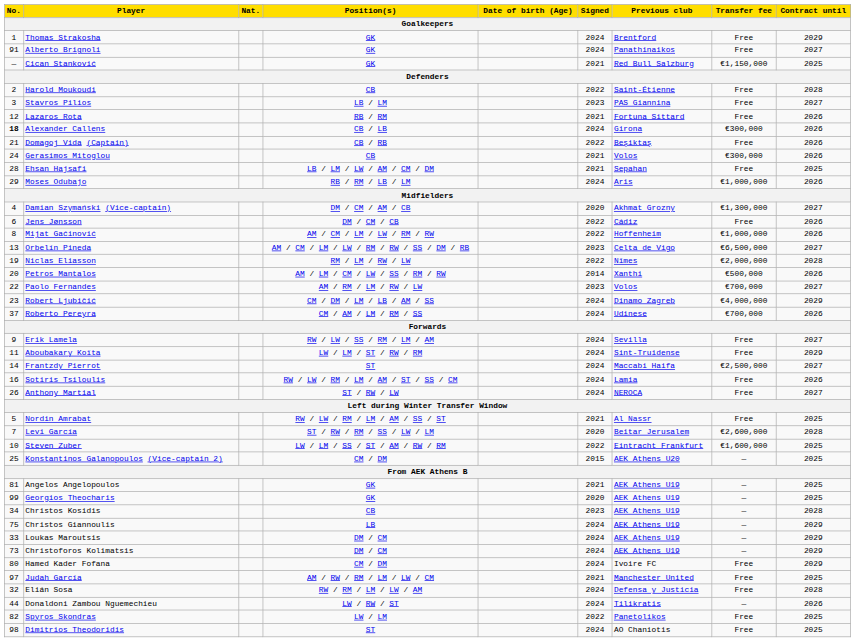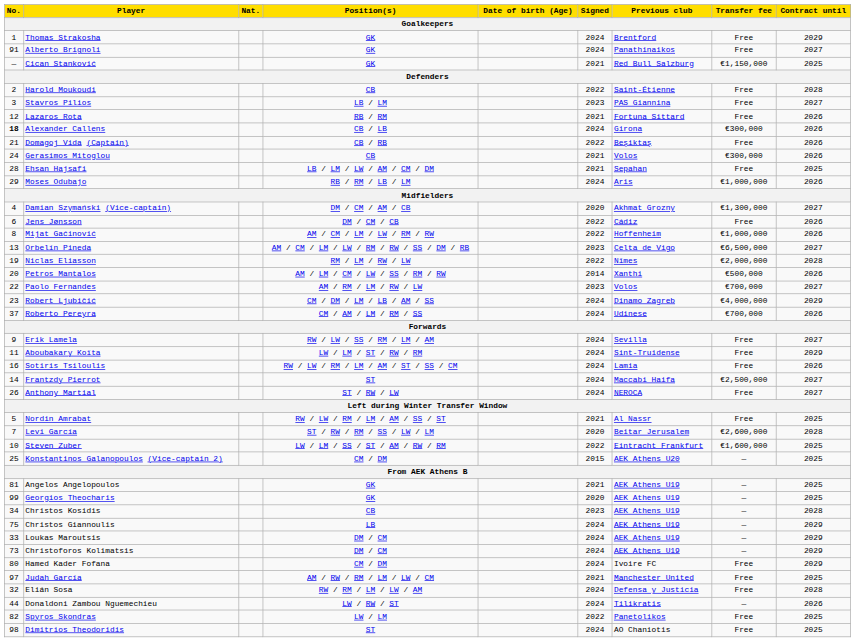 <table class="wikitable" style="text-align:center; font-size:90%; width:100%">
 <tr>
 <th style="background:#FFDE00">No.</th>
 <th style="background:#FFDE00">Player</th>
 <th style="background:#FFDE00">Nat.</th>
 <th style="background:#FFDE00">Position(s)</th>
 <th style="background:#FFDE00">Date of birth (Age)</th>
 <th style="background:#FFDE00">Signed</th>
 <th style="background:#FFDE00">Previous club</th>
 <th style="background:#FFDE00">Transfer fee</th>
 <th style="background:#FFDE00">Contract until</th>
 </tr>
 <tr>
 <th colspan="9">Goalkeepers</th>
 </tr>
 <tr>
 <td>1</td>
 <td align=left><a href='#'>Thomas Strakosha</a></td>
 <td></td>
 <td><a href='#'>GK</a></td>
 <td></td>
 <td>2024</td>
 <td align=left> <a href='#'>Brentford</a></td>
 <td>Free</td>
 <td>2029</td>
 </tr>
 <tr>
 <td>91</td>
 <td align=left><a href='#'>Alberto Brignoli</a></td>
 <td></td>
 <td><a href='#'>GK</a></td>
 <td></td>
 <td>2024</td>
 <td align=left> <a href='#'>Panathinaikos</a></td>
 <td>Free</td>
 <td>2027</td>
 </tr>
 <tr>
 <td>—</td>
 <td align=left><a href='#'>Cican Stanković</a></td>
 <td></td>
 <td><a href='#'>GK</a></td>
 <td></td>
 <td>2021</td>
 <td align=left> <a href='#'>Red Bull Salzburg</a></td>
 <td>€1,150,000</td>
 <td>2025</td>
 </tr>
 <tr>
 <th colspan="9">Defenders</th>
 </tr>
 <tr>
 <td>2</td>
 <td align=left><a href='#'>Harold Moukoudi</a></td>
 <td></td>
 <td><a href='#'>CB</a></td>
 <td></td>
 <td>2022</td>
 <td align=left> <a href='#'>Saint-Étienne</a></td>
 <td>Free</td>
 <td>2028</td>
 </tr>
 <tr>
 <td>3</td>
 <td align=left><a href='#'>Stavros Pilios</a></td>
 <td></td>
 <td><a href='#'>LB</a> / <a href='#'>LM</a></td>
 <td></td>
 <td>2023</td>
 <td align=left> <a href='#'>PAS Giannina</a></td>
 <td>Free</td>
 <td>2027</td>
 </tr>
 <tr>
 <td>12</td>
 <td align=left><a href='#'>Lazaros Rota</a></td>
 <td></td>
 <td><a href='#'>RB</a> / <a href='#'>RM</a></td>
 <td></td>
 <td>2021</td>
 <td align=left> <a href='#'>Fortuna Sittard</a></td>
 <td>Free</td>
 <td>2026</td>
 </tr>
 <tr>
 <td><strong>18</strong></td>
 <td align=left><a href='#'>Alexander Callens</a></td>
 <td></td>
 <td><a href='#'>CB</a> / <a href='#'>LB</a></td>
 <td></td>
 <td>2024</td>
 <td align=left> <a href='#'>Girona</a></td>
 <td>€300,000</td>
 <td>2026</td>
 </tr>
 <tr>
 <td>21</td>
 <td align=left><a href='#'>Domagoj Vida</a> <a href='#'>(Captain)</a></td>
 <td></td>
 <td><a href='#'>CB</a> / <a href='#'>RB</a></td>
 <td></td>
 <td>2022</td>
 <td align=left> <a href='#'>Beşiktaş</a></td>
 <td>Free</td>
 <td>2026</td>
 </tr>
 <tr>
 <td>24</td>
 <td align=left><a href='#'>Gerasimos Mitoglou</a></td>
 <td></td>
 <td><a href='#'>CB</a></td>
 <td></td>
 <td>2021</td>
 <td align=left> <a href='#'>Volos</a></td>
 <td>€300,000</td>
 <td>2026</td>
 </tr>
 <tr>
 <td>28</td>
 <td align=left><a href='#'>Ehsan Hajsafi</a></td>
 <td></td>
 <td><a href='#'>LB</a> / <a href='#'>LM</a> / <a href='#'>LW</a> / <a href='#'>AM</a> / <a href='#'>CM</a> / <a href='#'>DM</a></td>
 <td></td>
 <td>2021</td>
 <td align=left> <a href='#'>Sepahan</a></td>
 <td>Free</td>
 <td>2025</td>
 </tr>
 <tr>
 <td>29</td>
 <td align=left><a href='#'>Moses Odubajo</a></td>
 <td></td>
 <td><a href='#'>RB</a> / <a href='#'>RM</a> / <a href='#'>LB</a> / <a href='#'>LM</a></td>
 <td></td>
 <td>2024</td>
 <td align=left> <a href='#'>Aris</a></td>
 <td>€1,000,000</td>
 <td>2026</td>
 </tr>
 <tr>
 <th colspan="9">Midfielders</th>
 </tr>
 <tr>
 <td>4</td>
 <td align=left><a href='#'>Damian Szymański</a> <a href='#'>(Vice-captain)</a></td>
 <td></td>
 <td><a href='#'>DM</a> / <a href='#'>CM</a> / <a href='#'>AM</a> / <a href='#'>CB</a></td>
 <td></td>
 <td>2020</td>
 <td align=left> <a href='#'>Akhmat Grozny</a></td>
 <td>€1,300,000</td>
 <td>2027</td>
 </tr>
 <tr>
 <td>6</td>
 <td align=left><a href='#'>Jens Jønsson</a></td>
 <td></td>
 <td><a href='#'>DM</a> / <a href='#'>CM</a> / <a href='#'>CB</a></td>
 <td></td>
 <td>2022</td>
 <td align=left> <a href='#'>Cádiz</a></td>
 <td>Free</td>
 <td>2026</td>
 </tr>
 <tr>
 <td>8</td>
 <td align=left><a href='#'>Mijat Gaćinović</a></td>
 <td></td>
 <td><a href='#'>AM</a> / <a href='#'>CM</a> / <a href='#'>LM</a> / <a href='#'>LW</a> / <a href='#'>RM</a> / <a href='#'>RW</a></td>
 <td></td>
 <td>2022</td>
 <td align=left> <a href='#'>Hoffenheim</a></td>
 <td>€1,000,000</td>
 <td>2026</td>
 </tr>
 <tr>
 <td>13</td>
 <td align=left><a href='#'>Orbelín Pineda</a></td>
 <td></td>
 <td><a href='#'>AM</a> / <a href='#'>CM</a> / <a href='#'>LM</a> / <a href='#'>LW</a> / <a href='#'>RM</a> / <a href='#'>RW</a> / <a href='#'>SS</a> / <a href='#'>DM</a> / <a href='#'>RB</a></td>
 <td></td>
 <td>2023</td>
 <td align=left> <a href='#'>Celta de Vigo</a></td>
 <td>€6,500,000</td>
 <td>2027</td>
 </tr>
 <tr>
 <td>19</td>
 <td align=left><a href='#'>Niclas Eliasson</a></td>
 <td></td>
 <td><a href='#'>RM</a> / <a href='#'>LM</a> / <a href='#'>RW</a> / <a href='#'>LW</a></td>
 <td></td>
 <td>2022</td>
 <td align=left> <a href='#'>Nîmes</a></td>
 <td>€2,000,000</td>
 <td>2028</td>
 </tr>
 <tr>
 <td>20</td>
 <td align=left><a href='#'>Petros Mantalos</a></td>
 <td></td>
 <td><a href='#'>AM</a> / <a href='#'>LM</a> / <a href='#'>CM</a> / <a href='#'>LW</a> / <a href='#'>SS</a> / <a href='#'>RM</a> / <a href='#'>RW</a></td>
 <td></td>
 <td>2014</td>
 <td align=left> <a href='#'>Xanthi</a></td>
 <td>€500,000</td>
 <td>2026</td>
 </tr>
 <tr>
 <td>22</td>
 <td align=left><a href='#'>Paolo Fernandes</a></td>
 <td></td>
 <td><a href='#'>AM</a> / <a href='#'>RM</a> / <a href='#'>LM</a> / <a href='#'>RW</a> / <a href='#'>LW</a></td>
 <td></td>
 <td>2023</td>
 <td align=left> <a href='#'>Volos</a></td>
 <td>€700,000</td>
 <td>2027</td>
 </tr>
 <tr>
 <td>23</td>
 <td align=left><a href='#'>Robert Ljubičić</a></td>
 <td></td>
 <td><a href='#'>CM</a> / <a href='#'>DM</a> / <a href='#'>LM</a> / <a href='#'>LB</a> / <a href='#'>AM</a> / <a href='#'>SS</a></td>
 <td></td>
 <td>2024</td>
 <td align=left> <a href='#'>Dinamo Zagreb</a></td>
 <td>€4,000,000</td>
 <td>2029</td>
 </tr>
 <tr>
 <td>37</td>
 <td align=left><a href='#'>Roberto Pereyra</a></td>
 <td></td>
 <td><a href='#'>CM</a> / <a href='#'>AM</a> / <a href='#'>LM</a> / <a href='#'>RM</a> / <a href='#'>SS</a></td>
 <td></td>
 <td>2024</td>
 <td align=left> <a href='#'>Udinese</a></td>
 <td>€700,000</td>
 <td>2026</td>
 </tr>
 <tr>
 <th colspan="9">Forwards</th>
 </tr>
 <tr>
 <td>9</td>
 <td align=left><a href='#'>Erik Lamela</a></td>
 <td></td>
 <td><a href='#'>RW</a> / <a href='#'>LW</a> / <a href='#'>SS</a> / <a href='#'>RM</a> / <a href='#'>LM</a> / <a href='#'>AM</a></td>
 <td></td>
 <td>2024</td>
 <td align=left> <a href='#'>Sevilla</a></td>
 <td>Free</td>
 <td>2027</td>
 </tr>
 <tr>
 <td>11</td>
 <td align=left><a href='#'>Aboubakary Koïta</a></td>
 <td></td>
 <td><a href='#'>LW</a> / <a href='#'>LM</a> / <a href='#'>ST</a> / <a href='#'>RW</a> / <a href='#'>RM</a></td>
 <td></td>
 <td>2024</td>
 <td align=left> <a href='#'>Sint-Truidense</a></td>
 <td>Free</td>
 <td>2029</td>
 </tr>
 <tr>
+<td>16</td>
+<td align=left><a href='#'>Sotiris Tsiloulis</a></td>
+<td></td>
+<td><a href='#'>RW</a> / <a href='#'>LW</a> / <a href='#'>RM</a> / <a href='#'>LM</a> / <a href='#'>AM</a> / <a href='#'>ST</a> / <a href='#'>SS</a> / <a href='#'>CM</a></td>
+<td></td>
+<td>2024</td>
+<td align=left> <a href='#'>Lamia</a></td>
+<td>Free</td>
+<td>2026</td>
+</tr>
+<tr>
 <td>14</td>
 <td align=left><a href='#'>Frantzdy Pierrot</a></td>
 <td></td>
 <td><a href='#'>ST</a></td>
 <td></td>
 <td>2024</td>
 <td align=left> <a href='#'>Maccabi Haifa</a></td>
 <td>€2,500,000</td>
 <td>2027</td>
-</tr>
-<tr>
-<td>16</td>
-<td align=left><a href='#'>Sotiris Tsiloulis</a></td>
-<td></td>
-<td><a href='#'>RW</a> / <a href='#'>LW</a> / <a href='#'>RM</a> / <a href='#'>LM</a> / <a href='#'>AM</a> / <a href='#'>ST</a> / <a href='#'>SS</a> / <a href='#'>CM</a></td>
-<td></td>
-<td>2024</td>
-<td align=left> <a href='#'>Lamia</a></td>
-<td>Free</td>
-<td>2026</td>
 </tr>
 <tr>
 <td>26</td>
 <td align=left><a href='#'>Anthony Martial</a></td>
 <td></td>
 <td><a href='#'>ST</a> / <a href='#'>RW</a> / <a href='#'>LW</a></td>
 <td></td>
 <td>2024</td>
 <td align=left> <a href='#'>NEROCA</a></td>
 <td>Free</td>
 <td>2027</td>
 </tr>
 <tr>
 <th colspan="9">Left during Winter Transfer Window</th>
 </tr>
 <tr>
 <td>5</td>
 <td align=left><a href='#'>Nordin Amrabat</a></td>
 <td></td>
 <td><a href='#'>RW</a> / <a href='#'>LW</a> / <a href='#'>RM</a> / <a href='#'>LM</a> / <a href='#'>AM</a> / <a href='#'>SS</a> / <a href='#'>ST</a></td>
 <td></td>
 <td>2021</td>
 <td align=left> <a href='#'>Al Nassr</a></td>
 <td>Free</td>
 <td>2025</td>
 </tr>
 <tr>
 <td>7</td>
 <td align=left><a href='#'>Levi García</a></td>
 <td></td>
 <td><a href='#'>ST</a> / <a href='#'>RW</a> / <a href='#'>RM</a> / <a href='#'>SS</a> / <a href='#'>LW</a> / <a href='#'>LM</a></td>
 <td></td>
 <td>2020</td>
 <td align=left> <a href='#'>Beitar Jerusalem</a></td>
 <td>€2,600,000</td>
 <td>2028</td>
 </tr>
 <tr>
 <td>10</td>
 <td align=left><a href='#'>Steven Zuber</a></td>
 <td></td>
 <td><a href='#'>LW</a> / <a href='#'>LM</a> / <a href='#'>SS</a> / <a href='#'>ST</a> / <a href='#'>AM</a> / <a href='#'>RW</a> / <a href='#'>RM</a></td>
 <td></td>
 <td>2022</td>
 <td align=left> <a href='#'>Eintracht Frankfurt</a></td>
 <td>€1,600,000</td>
 <td>2025</td>
 </tr>
 <tr>
 <td>25</td>
 <td align=left><a href='#'>Konstantinos Galanopoulos</a> <a href='#'>(Vice-captain 2)</a></td>
 <td></td>
 <td><a href='#'>CM</a> / <a href='#'>DM</a></td>
 <td></td>
 <td>2015</td>
 <td align=left> <a href='#'>AEK Athens U20</a></td>
 <td>—</td>
 <td>2025</td>
 </tr>
 <tr>
 <th colspan="9">From AEK Athens B</th>
 </tr>
 <tr>
 <td>81</td>
 <td align=left>Angelos Angelopoulos</td>
 <td></td>
 <td><a href='#'>GK</a></td>
 <td></td>
 <td>2021</td>
 <td align=left> <a href='#'>AEK Athens U19</a></td>
 <td>—</td>
 <td>2025</td>
 </tr>
 <tr>
 <td>99</td>
 <td align=left><a href='#'>Georgios Theocharis</a></td>
 <td></td>
 <td><a href='#'>GK</a></td>
 <td></td>
 <td>2020</td>
 <td align=left> <a href='#'>AEK Athens U19</a></td>
 <td>—</td>
 <td>2025</td>
 </tr>
 <tr>
 <td>34</td>
 <td align=left>Christos Kosidis</td>
 <td></td>
 <td><a href='#'>CB</a></td>
 <td></td>
 <td>2023</td>
 <td align=left> <a href='#'>AEK Athens U19</a></td>
 <td>—</td>
 <td>2028</td>
 </tr>
 <tr>
 <td>75</td>
 <td align=left>Christos Giannoulis</td>
 <td></td>
 <td><a href='#'>LB</a></td>
 <td></td>
 <td>2024</td>
 <td align=left> <a href='#'>AEK Athens U19</a></td>
 <td>—</td>
 <td>2029</td>
 </tr>
 <tr>
 <td>33</td>
 <td align=left>Loukas Maroutsis</td>
 <td></td>
 <td><a href='#'>DM</a> / <a href='#'>CM</a></td>
 <td></td>
 <td>2024</td>
 <td align=left> <a href='#'>AEK Athens U19</a></td>
 <td>—</td>
 <td>2029</td>
 </tr>
 <tr>
 <td>73</td>
 <td align=left>Christoforos Kolimatsis</td>
 <td></td>
 <td><a href='#'>DM</a> / <a href='#'>CM</a></td>
 <td></td>
 <td>2024</td>
 <td align=left> <a href='#'>AEK Athens U19</a></td>
 <td>—</td>
 <td>2029</td>
 </tr>
 <tr>
 <td>80</td>
 <td align=left>Hamed Kader Fofana</td>
 <td></td>
 <td><a href='#'>CM</a> / <a href='#'>DM</a></td>
 <td></td>
 <td>2024</td>
 <td align=left> Ivoire FC</td>
 <td>Free</td>
 <td>2029</td>
 </tr>
 <tr>
 <td>97</td>
 <td align=left><a href='#'>Judah García</a></td>
 <td></td>
 <td><a href='#'>AM</a> / <a href='#'>RW</a> / <a href='#'>RM</a> / <a href='#'>LM</a> / <a href='#'>LW</a> / <a href='#'>CM</a></td>
 <td></td>
 <td>2021</td>
 <td align=left> <a href='#'>Manchester United</a></td>
 <td>Free</td>
 <td>2025</td>
 </tr>
 <tr>
 <td>32</td>
 <td align=left>Elián Sosa</td>
 <td></td>
 <td><a href='#'>RW</a> / <a href='#'>RM</a> / <a href='#'>LM</a> / <a href='#'>LW</a> / <a href='#'>AM</a></td>
 <td></td>
 <td>2024</td>
 <td align=left> <a href='#'>Defensa y Justicia</a></td>
 <td>Free</td>
 <td>2028</td>
 </tr>
 <tr>
 <td>44</td>
 <td align=left>Donaldoni Zambou Nguemechieu</td>
 <td></td>
 <td><a href='#'>LW</a> / <a href='#'>RW</a> / <a href='#'>ST</a></td>
 <td></td>
 <td>2024</td>
 <td align=left> <a href='#'>Tilikratis</a></td>
 <td>—</td>
 <td>2026</td>
 </tr>
 <tr>
 <td>82</td>
 <td align=left><a href='#'>Spyros Skondras</a></td>
 <td></td>
 <td><a href='#'>LW</a> / <a href='#'>LM</a></td>
 <td></td>
 <td>2022</td>
 <td align=left> <a href='#'>Panetolikos</a></td>
 <td>Free</td>
 <td>2025</td>
 </tr>
 <tr>
 <td>98</td>
 <td align=left><a href='#'>Dimitrios Theodoridis</a></td>
 <td></td>
 <td><a href='#'>ST</a></td>
 <td></td>
 <td>2024</td>
 <td align=left> AO Chaniotis</td>
 <td>Free</td>
 <td>2025</td>
 </tr>
 </table>
